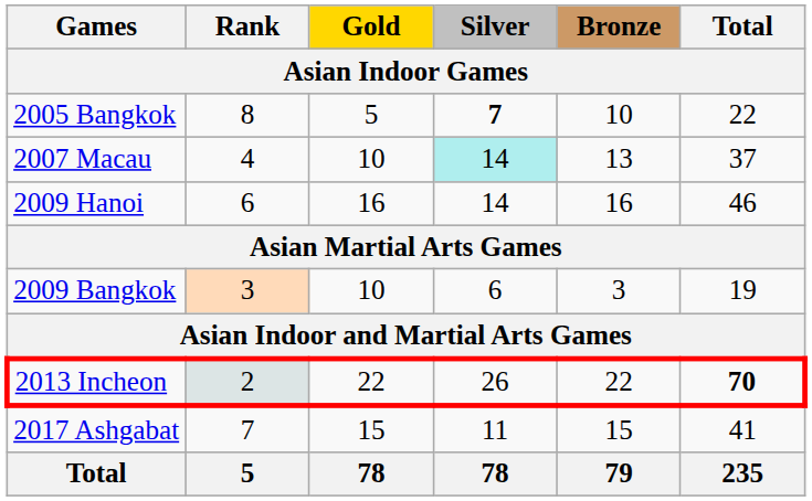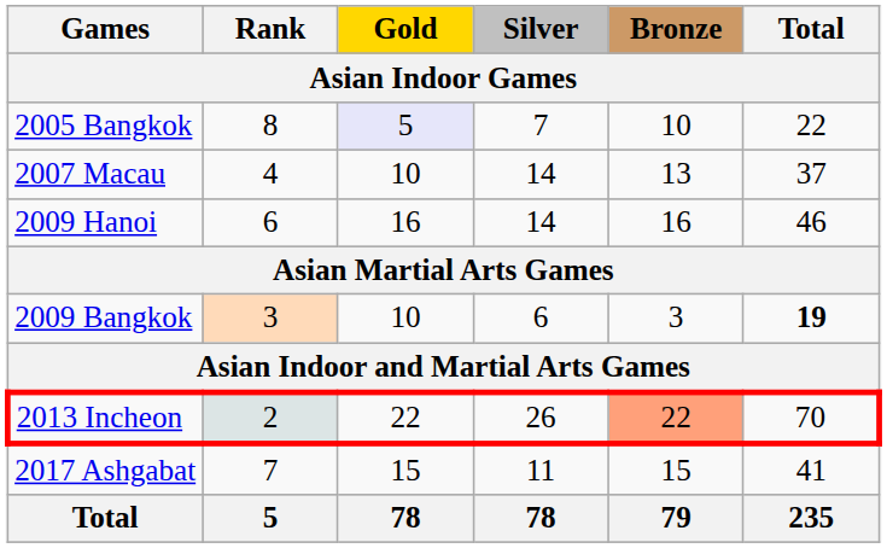 <table class="wikitable sortable" style="margin-top:0em; text-align:center; font-size:100%;">
 <tr>
 <th>Games</th>
 <th style="width:4em;">Rank</th>
 <th style="background:gold; width:4em;"><strong>Gold</strong></th>
 <th style="background:silver; width:4em;"><strong>Silver</strong></th>
 <th style="background:#cc9966; width:4em;"><strong>Bronze</strong></th>
 <th style="width:4em;">Total</th>
 </tr>
 <tr>
 <th colspan=6><strong>Asian Indoor Games</strong></th>
 </tr>
 <tr>
 <td align=left><a href='#'>2005 Bangkok</a></td>
 <td>8</td>
-<td>5</td>
-<td><strong>7</strong></td>
+<td style="background: lavender;">5</td>
+<td>7</td>
 <td>10</td>
 <td>22</td>
 </tr>
 <tr>
 <td align=left><a href='#'>2007 Macau</a></td>
 <td>4</td>
 <td>10</td>
-<td style="background: paleturquoise;">14</td>
+<td>14</td>
 <td>13</td>
 <td>37</td>
 </tr>
 <tr>
 <td align=left><a href='#'>2009 Hanoi</a></td>
 <td>6</td>
 <td>16</td>
 <td>14</td>
 <td>16</td>
 <td>46</td>
 </tr>
 <tr>
 <th colspan=6><strong>Asian Martial Arts Games</strong></th>
 </tr>
 <tr>
 <td align=left><a href='#'>2009 Bangkok</a></td>
 <td bgcolor=ffdab9>3</td>
 <td>10</td>
 <td>6</td>
 <td>3</td>
-<td>19</td>
+<td><strong>19</strong></td>
 </tr>
 <tr>
 <th colspan=6><strong>Asian Indoor and Martial Arts Games</strong></th>
 </tr>
 <tr style="border: 3px solid red">
 <td align=left><a href='#'>2013 Incheon</a></td>
 <td bgcolor=dce5e5>2</td>
 <td>22</td>
 <td>26</td>
-<td>22</td>
-<td><strong>70</strong></td>
+<td style="background: lightsalmon;">22</td>
+<td>70</td>
 </tr>
 <tr>
 <td align=left><a href='#'>2017 Ashgabat</a></td>
 <td>7</td>
 <td>15</td>
 <td>11</td>
 <td>15</td>
 <td>41</td>
 </tr>
 <tr>
 <th>Total</th>
 <th>5</th>
 <th>78</th>
 <th>78</th>
 <th>79</th>
 <th>235</th>
 </tr>
 </table>
